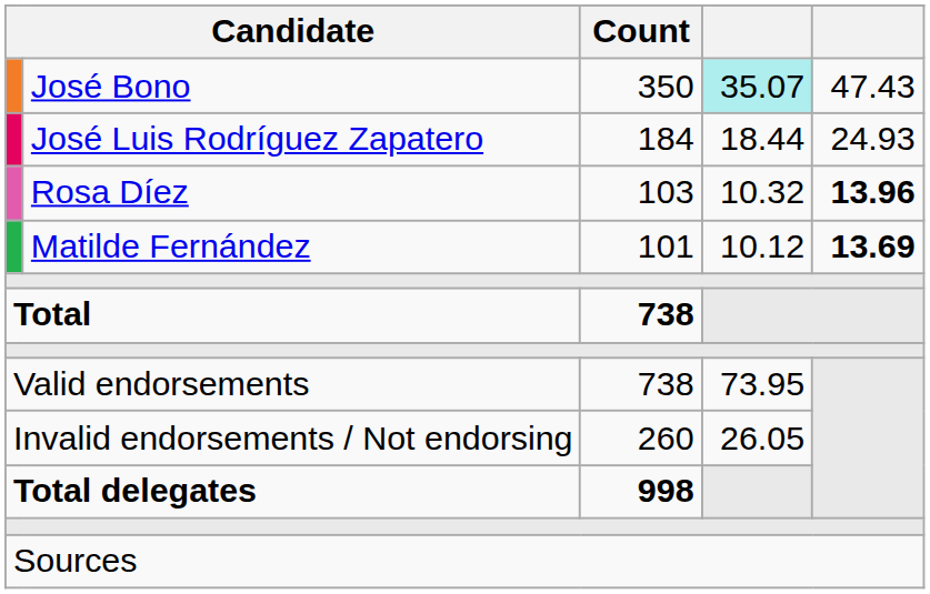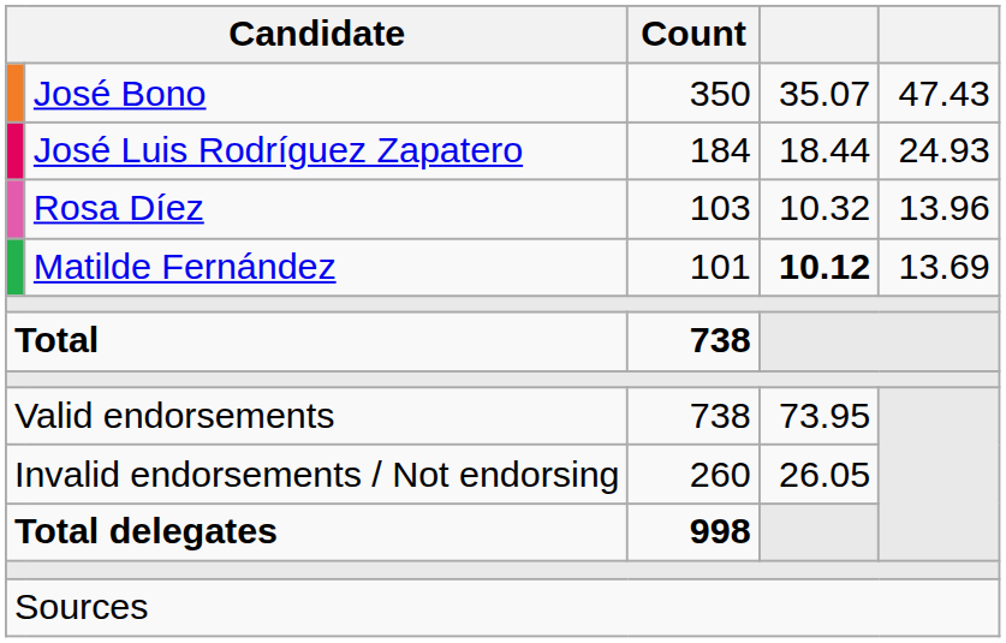 <table class="wikitable" style="text-align:right;">
 <tr>
 <th colspan="2" width="250">Candidate</th>
 <th width="50">Count</th>
 <th width="45"></th>
 <th width="45"></th>
 </tr>
 <tr>
 <td width="1" style="color:inherit;background:#F27D26"></td>
 <td align="left"><a href='#'>José Bono</a></td>
 <td>350</td>
-<td style="background: paleturquoise;">35.07</td>
+<td>35.07</td>
 <td>47.43</td>
 </tr>
 <tr>
 <td style="color:inherit;background:#E3035F"></td>
 <td align="left"><a href='#'>José Luis Rodríguez Zapatero</a></td>
 <td>184</td>
 <td>18.44</td>
 <td>24.93</td>
 </tr>
 <tr>
 <td style="color:inherit;background:#E35BAD"></td>
 <td align="left"><a href='#'>Rosa Díez</a></td>
 <td>103</td>
 <td>10.32</td>
-<td><strong>13.96</strong></td>
+<td>13.96</td>
 </tr>
 <tr>
 <td style="color:inherit;background:#22B14C"></td>
 <td align="left"><a href='#'>Matilde Fernández</a></td>
 <td>101</td>
-<td>10.12</td>
-<td><strong>13.69</strong></td>
+<td><strong>10.12</strong></td>
+<td>13.69</td>
 </tr>
 <tr>
 <td colspan="5" bgcolor="#E9E9E9"></td>
 </tr>
 <tr style="font-weight:bold;">
 <td align="left" colspan="2">Total</td>
 <td>738</td>
 <td bgcolor="#E9E9E9" colspan="2"></td>
 </tr>
 <tr>
 <td colspan="5" bgcolor="#E9E9E9"></td>
 </tr>
 <tr>
 <td align="left" colspan="2">Valid endorsements</td>
 <td>738</td>
 <td>73.95</td>
 <td rowspan="3" bgcolor="#E9E9E9"></td>
 </tr>
 <tr>
 <td align="left" colspan="2">Invalid endorsements / Not endorsing</td>
 <td>260</td>
 <td>26.05</td>
 </tr>
 <tr style="font-weight:bold;">
 <td align="left" colspan="2">Total delegates</td>
 <td>998</td>
 <td bgcolor="#E9E9E9"></td>
 </tr>
 <tr>
 <td colspan="5" bgcolor="#E9E9E9"></td>
 </tr>
 <tr>
 <td align="left" colspan="5">Sources</td>
 </tr>
 </table>
